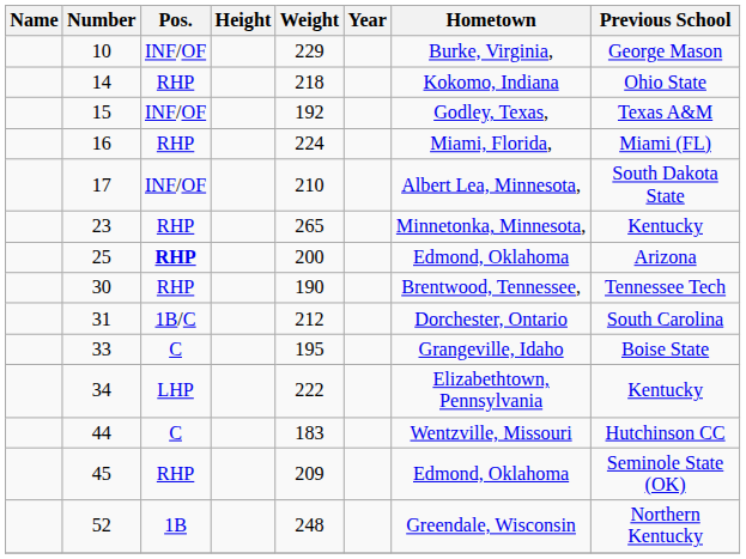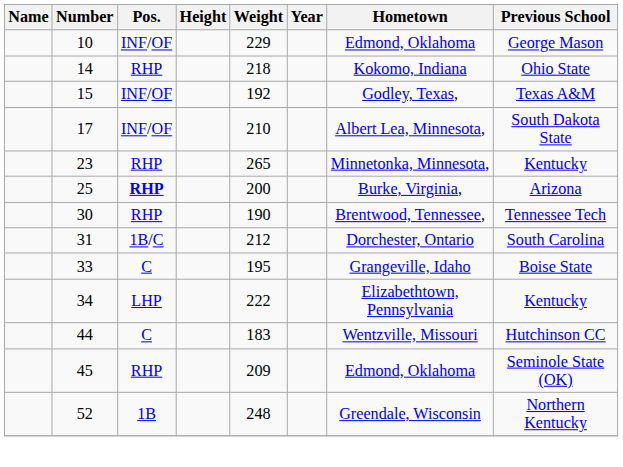 <table class="wikitable sortable sortable" style="text-align: center">
 <tr align=center>
 <th>Name</th>
 <th>Number</th>
 <th>Pos.</th>
 <th>Height</th>
 <th>Weight</th>
 <th>Year</th>
 <th>Hometown</th>
 <th>Previous School</th>
 </tr>
 <tr>
 <td></td>
 <td>10</td>
 <td><a href='#'>INF</a>/<a href='#'>OF</a></td>
 <td></td>
 <td>229</td>
 <td></td>
-<td><a href='#'>Burke, Virginia</a>,</td>
+<td><a href='#'>Edmond, Oklahoma</a></td>
 <td><a href='#'>George Mason</a></td>
 </tr>
 <tr>
 <td></td>
 <td>14</td>
 <td><a href='#'>RHP</a></td>
 <td></td>
 <td>218</td>
 <td></td>
 <td><a href='#'>Kokomo, Indiana</a></td>
 <td><a href='#'>Ohio State</a></td>
 </tr>
 <tr>
 <td></td>
 <td>15</td>
 <td><a href='#'>INF</a>/<a href='#'>OF</a></td>
 <td></td>
 <td>192</td>
 <td></td>
 <td><a href='#'>Godley, Texas</a>,</td>
 <td><a href='#'>Texas A&M</a></td>
-</tr>
-<tr>
-<td></td>
-<td>16</td>
-<td><a href='#'>RHP</a></td>
-<td></td>
-<td>224</td>
-<td></td>
-<td><a href='#'>Miami, Florida</a>,</td>
-<td><a href='#'>Miami (FL)</a></td>
 </tr>
 <tr>
 <td></td>
 <td>17</td>
 <td><a href='#'>INF</a>/<a href='#'>OF</a></td>
 <td></td>
 <td>210</td>
 <td></td>
 <td><a href='#'>Albert Lea, Minnesota</a>,</td>
 <td><a href='#'>South Dakota State</a></td>
 </tr>
 <tr>
 <td></td>
 <td>23</td>
 <td><a href='#'>RHP</a></td>
 <td></td>
 <td>265</td>
 <td></td>
 <td><a href='#'>Minnetonka, Minnesota</a>,</td>
 <td><a href='#'>Kentucky</a></td>
 </tr>
 <tr>
 <td></td>
 <td>25</td>
 <td><strong><a href='#'>RHP</a></strong></td>
 <td></td>
 <td>200</td>
 <td></td>
-<td><a href='#'>Edmond, Oklahoma</a></td>
+<td><a href='#'>Burke, Virginia</a>,</td>
 <td><a href='#'>Arizona</a></td>
 </tr>
 <tr>
 <td></td>
 <td>30</td>
 <td><a href='#'>RHP</a></td>
 <td></td>
 <td>190</td>
 <td></td>
 <td><a href='#'>Brentwood, Tennessee</a>,</td>
 <td><a href='#'>Tennessee Tech</a></td>
 </tr>
 <tr>
 <td></td>
 <td>31</td>
 <td><a href='#'>1B</a>/<a href='#'>C</a></td>
 <td></td>
 <td>212</td>
 <td></td>
 <td><a href='#'>Dorchester, Ontario</a></td>
 <td><a href='#'>South Carolina</a></td>
 </tr>
 <tr>
 <td></td>
 <td>33</td>
 <td><a href='#'>C</a></td>
 <td></td>
 <td>195</td>
 <td></td>
 <td><a href='#'>Grangeville, Idaho</a></td>
 <td><a href='#'>Boise State</a></td>
 </tr>
 <tr>
 <td></td>
 <td>34</td>
 <td><a href='#'>LHP</a></td>
 <td></td>
 <td>222</td>
 <td></td>
 <td><a href='#'>Elizabethtown, Pennsylvania</a></td>
 <td><a href='#'>Kentucky</a></td>
 </tr>
 <tr>
 <td></td>
 <td>44</td>
 <td><a href='#'>C</a></td>
 <td></td>
 <td>183</td>
 <td></td>
 <td><a href='#'>Wentzville, Missouri</a></td>
 <td><a href='#'>Hutchinson CC</a></td>
 </tr>
 <tr>
 <td></td>
 <td>45</td>
 <td><a href='#'>RHP</a></td>
 <td></td>
 <td>209</td>
 <td></td>
 <td><a href='#'>Edmond, Oklahoma</a></td>
 <td><a href='#'>Seminole State (OK)</a></td>
 </tr>
 <tr>
 <td></td>
 <td>52</td>
 <td><a href='#'>1B</a></td>
 <td></td>
 <td>248</td>
 <td></td>
 <td><a href='#'>Greendale, Wisconsin</a></td>
 <td><a href='#'>Northern Kentucky</a></td>
 </tr>
 <tr>
 </tr>
 </table>
